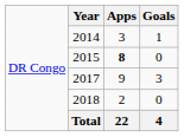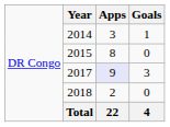 <table class="wikitable" style="text-align:center">
 <tr>
 <td rowspan="6"><a href='#'>DR Congo</a></td>
 <th>Year</th>
 <th>Apps</th>
 <th>Goals</th>
 </tr>
 <tr>
 <td>2014</td>
 <td>3</td>
 <td>1</td>
 </tr>
 <tr>
 <td>2015</td>
-<td><strong>8</strong></td>
+<td>8</td>
 <td>0</td>
 </tr>
 <tr>
 <td>2017</td>
-<td>9</td>
+<td style="background: lavender;">9</td>
 <td>3</td>
 </tr>
 <tr>
 <td>2018</td>
 <td>2</td>
 <td>0</td>
 </tr>
 <tr>
 <th>Total</th>
 <th>22</th>
 <th>4</th>
 </tr>
 </table>
